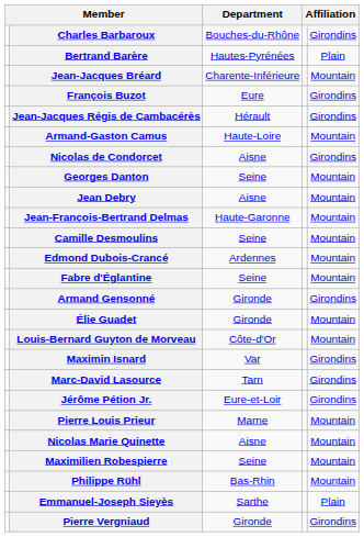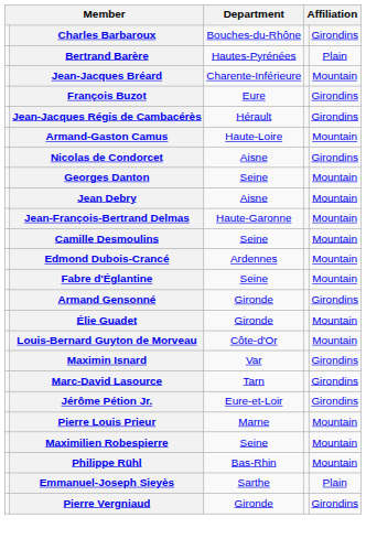 <table class="wikitable" style="line-height:1.4em; text-align:center">
 <tr>
 <th colspan=2>Member</th>
 <th>Department</th>
 <th colspan=2>Affiliation</th>
 </tr>
 <tr>
 <td></td>
 <th><a href='#'>Charles Barbaroux</a></th>
 <td><a href='#'>Bouches-du-Rhône</a></td>
 <td></td>
 <td><a href='#'>Girondins</a></td>
 </tr>
 <tr>
 <td></td>
 <th><a href='#'>Bertrand Barère</a></th>
 <td><a href='#'>Hautes-Pyrénées</a></td>
 <td></td>
 <td><a href='#'>Plain</a></td>
 </tr>
 <tr>
 <td></td>
 <th><a href='#'>Jean-Jacques Bréard</a></th>
 <td><a href='#'>Charente-Inférieure</a></td>
 <td></td>
 <td><a href='#'>Mountain</a></td>
 </tr>
 <tr>
 <td></td>
 <th><a href='#'>François Buzot</a></th>
 <td><a href='#'>Eure</a></td>
 <td></td>
 <td><a href='#'>Girondins</a></td>
 </tr>
 <tr>
 <td></td>
 <th><a href='#'>Jean-Jacques Régis de Cambacérès</a></th>
 <td><a href='#'>Hérault</a></td>
 <td></td>
 <td><a href='#'>Girondins</a></td>
 </tr>
 <tr>
 <td></td>
 <th><a href='#'>Armand-Gaston Camus</a></th>
 <td><a href='#'>Haute-Loire</a></td>
 <td></td>
 <td><a href='#'>Mountain</a></td>
 </tr>
 <tr>
 <td></td>
 <th><a href='#'>Nicolas de Condorcet</a></th>
 <td><a href='#'>Aisne</a></td>
 <td></td>
 <td><a href='#'>Girondins</a></td>
 </tr>
 <tr>
 <td></td>
 <th><a href='#'>Georges Danton</a></th>
 <td><a href='#'>Seine</a></td>
 <td></td>
 <td><a href='#'>Mountain</a></td>
 </tr>
 <tr>
 <td></td>
 <th><a href='#'>Jean Debry</a></th>
 <td><a href='#'>Aisne</a></td>
 <td></td>
 <td><a href='#'>Mountain</a></td>
 </tr>
 <tr>
 <td></td>
 <th><a href='#'>Jean-François-Bertrand Delmas</a></th>
 <td><a href='#'>Haute-Garonne</a></td>
 <td></td>
 <td><a href='#'>Mountain</a></td>
 </tr>
 <tr>
 <td></td>
 <th><a href='#'>Camille Desmoulins</a></th>
 <td><a href='#'>Seine</a></td>
 <td></td>
 <td><a href='#'>Mountain</a></td>
 </tr>
 <tr>
 <td></td>
 <th><a href='#'>Edmond Dubois-Crancé</a></th>
 <td><a href='#'>Ardennes</a></td>
 <td></td>
 <td><a href='#'>Mountain</a></td>
 </tr>
 <tr>
 <td></td>
 <th><a href='#'>Fabre d'Églantine</a></th>
 <td><a href='#'>Seine</a></td>
 <td></td>
 <td><a href='#'>Mountain</a></td>
 </tr>
 <tr>
 <td></td>
 <th><a href='#'>Armand Gensonné</a></th>
 <td><a href='#'>Gironde</a></td>
 <td></td>
 <td><a href='#'>Girondins</a></td>
 </tr>
 <tr>
 <td></td>
 <th><a href='#'>Élie Guadet</a></th>
 <td><a href='#'>Gironde</a></td>
 <td></td>
 <td><a href='#'>Mountain</a></td>
 </tr>
 <tr>
 <td></td>
 <th><a href='#'>Louis-Bernard Guyton de Morveau</a></th>
 <td><a href='#'>Côte-d'Or</a></td>
 <td></td>
 <td><a href='#'>Mountain</a></td>
 </tr>
 <tr>
 <td></td>
 <th><a href='#'>Maximin Isnard</a></th>
 <td><a href='#'>Var</a></td>
 <td></td>
 <td><a href='#'>Girondins</a></td>
 </tr>
 <tr>
 <td></td>
 <th><a href='#'>Marc-David Lasource</a></th>
 <td><a href='#'>Tarn</a></td>
 <td></td>
 <td><a href='#'>Girondins</a></td>
 </tr>
 <tr>
 <td></td>
 <th><a href='#'>Jérôme Pétion Jr.</a></th>
 <td><a href='#'>Eure-et-Loir</a></td>
 <td></td>
 <td><a href='#'>Girondins</a></td>
 </tr>
 <tr>
 <td></td>
 <th><a href='#'>Pierre Louis Prieur</a></th>
 <td><a href='#'>Marne</a></td>
 <td></td>
 <td><a href='#'>Mountain</a></td>
 </tr>
 <tr>
 <td></td>
-<th><a href='#'>Nicolas Marie Quinette</a></th>
-<td><a href='#'>Aisne</a></td>
-<td></td>
-<td><a href='#'>Mountain</a></td>
-</tr>
-<tr>
-<td></td>
 <th><a href='#'>Maximilien Robespierre</a></th>
 <td><a href='#'>Seine</a></td>
 <td></td>
 <td><a href='#'>Mountain</a></td>
 </tr>
 <tr>
 <td></td>
 <th><a href='#'>Philippe Rühl</a></th>
 <td><a href='#'>Bas-Rhin</a></td>
 <td></td>
 <td><a href='#'>Mountain</a></td>
 </tr>
 <tr>
 <td></td>
 <th><a href='#'>Emmanuel-Joseph Sieyès</a></th>
 <td><a href='#'>Sarthe</a></td>
 <td></td>
 <td><a href='#'>Plain</a></td>
 </tr>
 <tr>
 <td></td>
 <th><a href='#'>Pierre Vergniaud</a></th>
 <td><a href='#'>Gironde</a></td>
 <td></td>
 <td><a href='#'>Girondins</a></td>
 </tr>
 </table>
